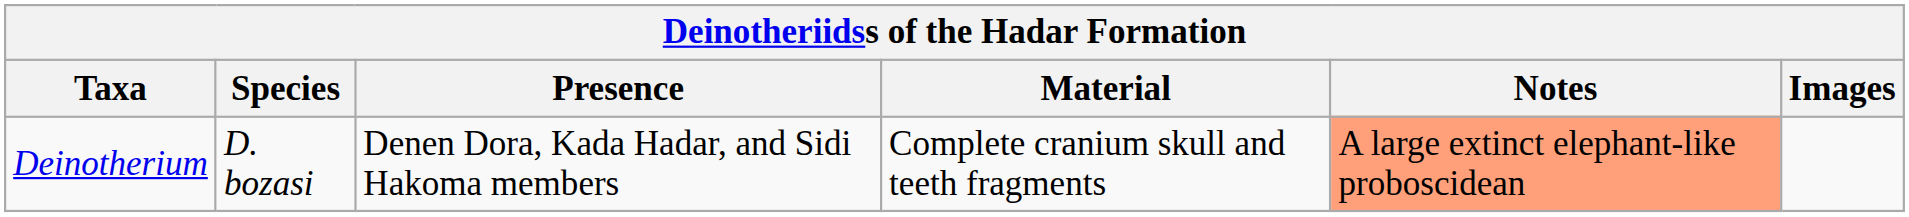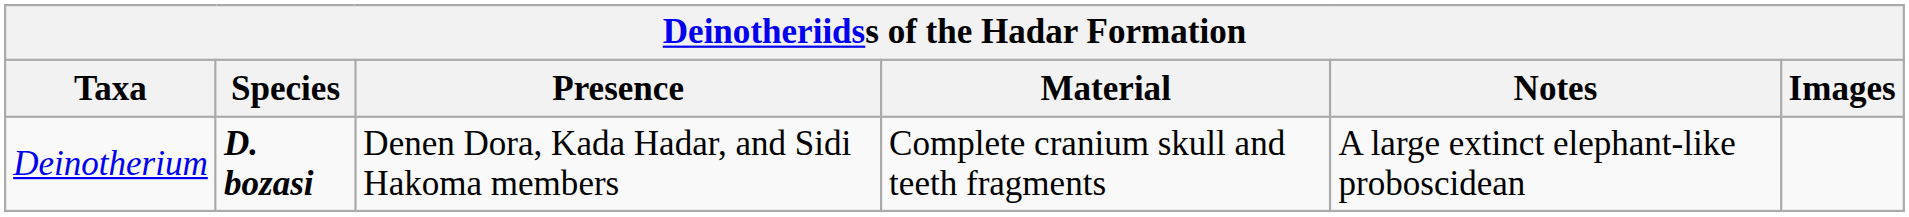 <table class="wikitable" align="center">
 <tr>
 <th colspan="6" align="center"><strong><a href='#'>Deinotheriids</a>s</strong> of the Hadar Formation</th>
 </tr>
 <tr>
 <th>Taxa</th>
 <th>Species</th>
 <th>Presence</th>
 <th>Material</th>
 <th>Notes</th>
 <th>Images</th>
 </tr>
 <tr>
 <td><em><a href='#'>Deinotherium</a></em></td>
-<td><em>D. bozasi</em></td>
+<td><strong><em>D. bozasi</em></strong></td>
 <td>Denen Dora, Kada Hadar, and Sidi Hakoma members</td>
 <td>Complete cranium skull and teeth fragments</td>
-<td style="background: lightsalmon;">A large extinct elephant-like proboscidean</td>
+<td>A large extinct elephant-like proboscidean</td>
 <td></td>
 </tr>
 </table>
